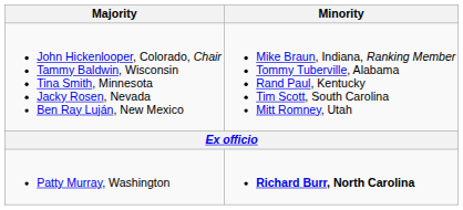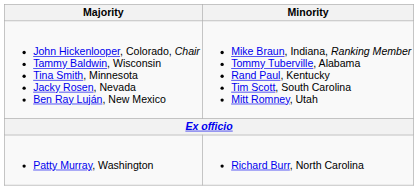 <table class="wikitable">
 <tr>
 <th>Majority</th>
 <th>Minority</th>
 </tr>
 <tr>
 <td><br><ul><li><a href='#'>John Hickenlooper</a>, Colorado, <em>Chair</em></li><li><a href='#'>Tammy Baldwin</a>, Wisconsin</li><li><a href='#'>Tina Smith</a>, Minnesota</li><li><a href='#'>Jacky Rosen</a>, Nevada</li><li><a href='#'>Ben Ray Luján</a>, New Mexico</li></ul></td>
 <td><br><ul><li><a href='#'>Mike Braun</a>, Indiana, <em>Ranking Member</em></li><li><a href='#'>Tommy Tuberville</a>, Alabama</li><li><a href='#'>Rand Paul</a>, Kentucky</li><li><a href='#'>Tim Scott</a>, South Carolina</li><li><a href='#'>Mitt Romney</a>, Utah</li></ul></td>
 </tr>
 <tr>
 <th colspan="2"><em><a href='#'>Ex officio</a></em></th>
 </tr>
 <tr>
 <td><br><ul><li><a href='#'>Patty Murray</a>, Washington</li></ul></td>
-<td><strong><br><ul><li><a href='#'>Richard Burr</a>, North Carolina</li></ul></strong></td>
+<td><br><ul><li><a href='#'>Richard Burr</a>, North Carolina</li></ul></td>
 </tr>
 </table>
